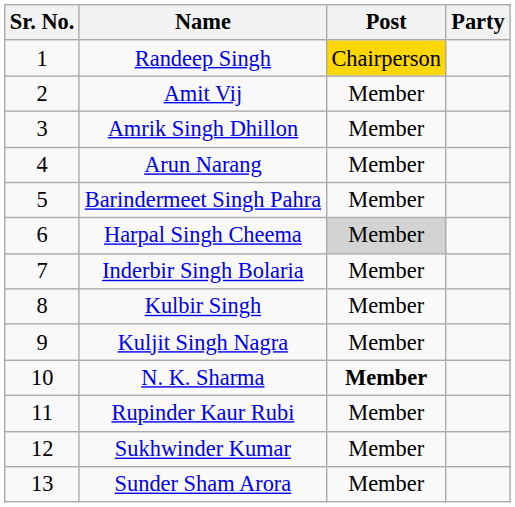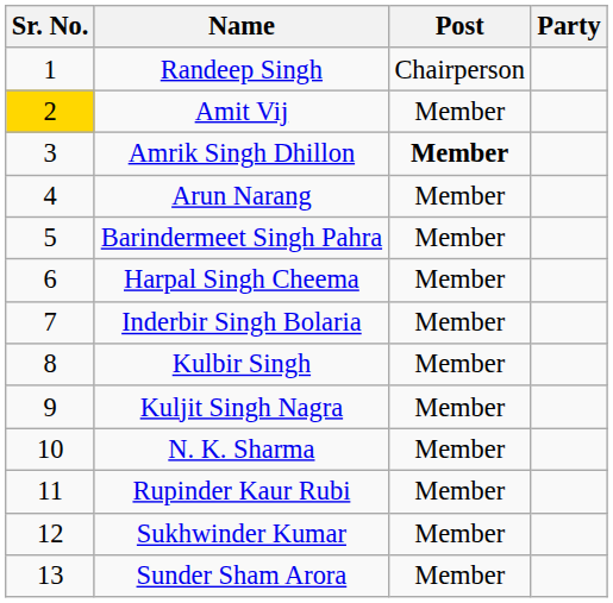 <table class="wikitable sortable">
 <tr>
 <th>Sr. No.</th>
 <th>Name</th>
 <th>Post</th>
 <th colspan="2">Party</th>
 </tr>
 <tr align="center">
 <td>1</td>
 <td><a href='#'>Randeep Singh</a></td>
-<td style="background: gold;">Chairperson</td>
+<td>Chairperson</td>
 <td></td>
 </tr>
 <tr align="center">
-<td>2</td>
+<td style="background: gold;">2</td>
 <td><a href='#'>Amit Vij</a></td>
 <td>Member</td>
 <td></td>
 </tr>
 <tr align="center">
 <td>3</td>
 <td><a href='#'>Amrik Singh Dhillon</a></td>
-<td>Member</td>
+<td><strong>Member</strong></td>
 <td></td>
 </tr>
 <tr align="center">
 <td>4</td>
 <td><a href='#'>Arun Narang</a></td>
 <td>Member</td>
 <td></td>
 </tr>
 <tr align="center">
 <td>5</td>
 <td><a href='#'>Barindermeet Singh Pahra</a></td>
 <td>Member</td>
 <td></td>
 </tr>
 <tr align="center">
 <td>6</td>
 <td><a href='#'>Harpal Singh Cheema</a></td>
-<td style="background: lightgrey;">Member</td>
+<td>Member</td>
 <td></td>
 </tr>
 <tr align="center">
 <td>7</td>
 <td><a href='#'>Inderbir Singh Bolaria</a></td>
 <td>Member</td>
 <td></td>
 </tr>
 <tr align="center">
 <td>8</td>
 <td><a href='#'>Kulbir Singh</a></td>
 <td>Member</td>
 <td></td>
 </tr>
 <tr align="center">
 <td>9</td>
 <td><a href='#'>Kuljit Singh Nagra</a></td>
 <td>Member</td>
 <td></td>
 </tr>
 <tr align="center">
 <td>10</td>
 <td><a href='#'>N. K. Sharma</a></td>
-<td><strong>Member</strong></td>
+<td>Member</td>
 <td></td>
 </tr>
 <tr align="center">
 <td>11</td>
 <td><a href='#'>Rupinder Kaur Rubi</a></td>
 <td>Member</td>
 <td></td>
 </tr>
 <tr align="center">
 <td>12</td>
 <td><a href='#'>Sukhwinder Kumar</a></td>
 <td>Member</td>
 <td></td>
 </tr>
 <tr align="center">
 <td>13</td>
 <td><a href='#'>Sunder Sham Arora</a></td>
 <td>Member</td>
 <td></td>
 </tr>
 </table>
